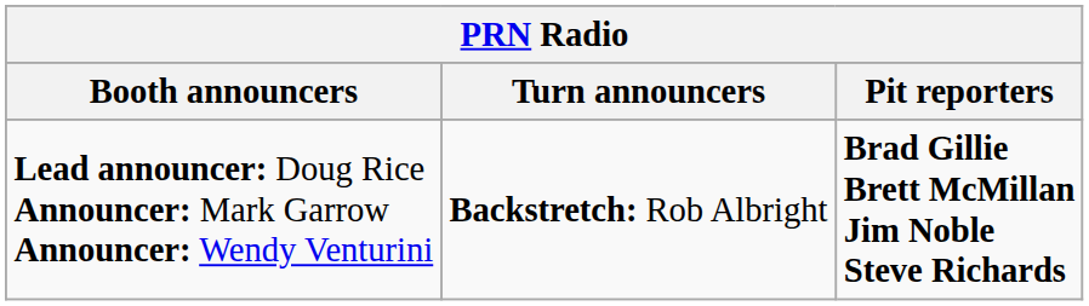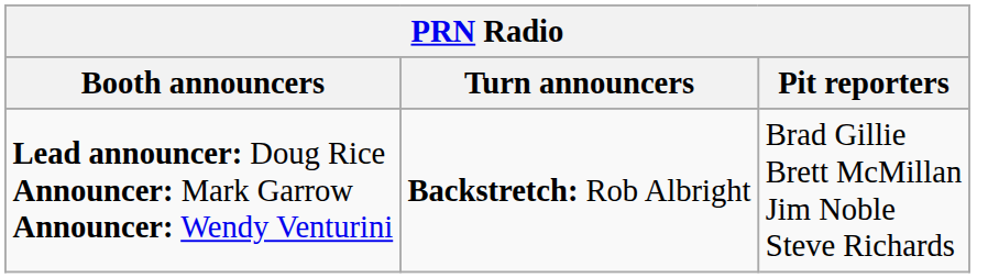 <table class="wikitable" style="font-size: 95%;">
 <tr>
 <th colspan="3"><a href='#'>PRN</a> Radio</th>
 </tr>
 <tr>
 <th>Booth announcers</th>
 <th>Turn announcers</th>
 <th>Pit reporters</th>
 </tr>
 <tr>
 <td><strong>Lead announcer:</strong> Doug Rice<br><strong>Announcer:</strong> Mark Garrow<br><strong>Announcer:</strong> <a href='#'>Wendy Venturini</a></td>
 <td><strong>Backstretch:</strong> Rob Albright</td>
-<td><strong>Brad Gillie<br>Brett McMillan<br>Jim Noble<br>Steve Richards</strong></td>
+<td>Brad Gillie<br>Brett McMillan<br>Jim Noble<br>Steve Richards</td>
 </tr>
 </table>
